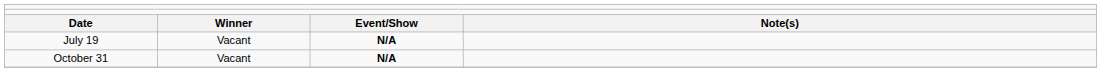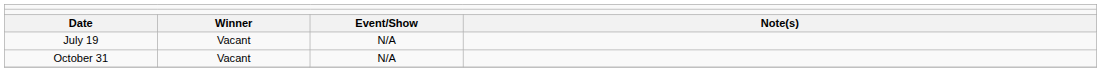 <table class="wikitable" style="text-align:center; width:100%;">
 <tr>
 <td colspan="5"></td>
 </tr>
 <tr>
 <td colspan="5"><strong></strong></td>
 </tr>
 <tr>
 <th width="14%">Date</th>
 <th width="14%">Winner</th>
 <th width="14%">Event/Show</th>
 <th width="58%">Note(s)</th>
 </tr>
 <tr>
 <td>July 19</td>
 <td>Vacant</td>
-<td><strong>N/A</strong></td>
+<td>N/A</td>
 <td align=left></td>
 </tr>
 <tr>
 <td>October 31</td>
 <td>Vacant</td>
-<td><strong>N/A</strong></td>
+<td>N/A</td>
 <td align=left></td>
 </tr>
 <tr>
 </tr>
 </table>
